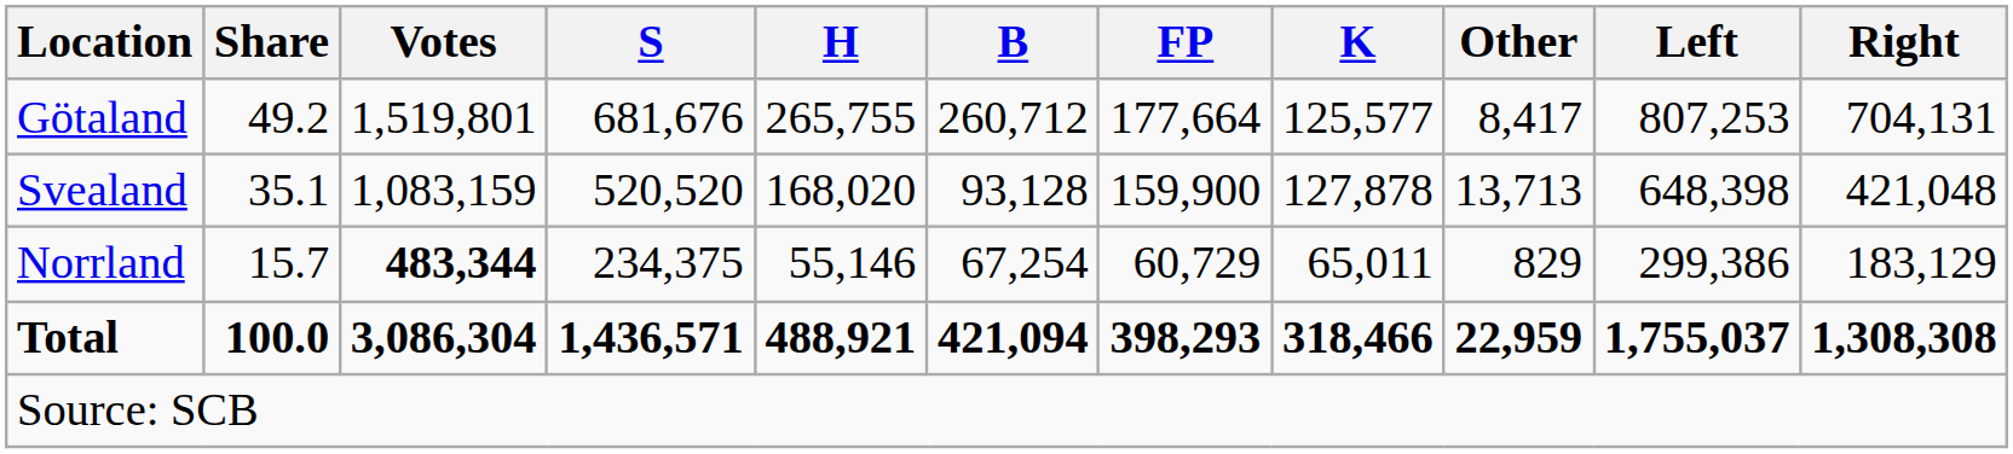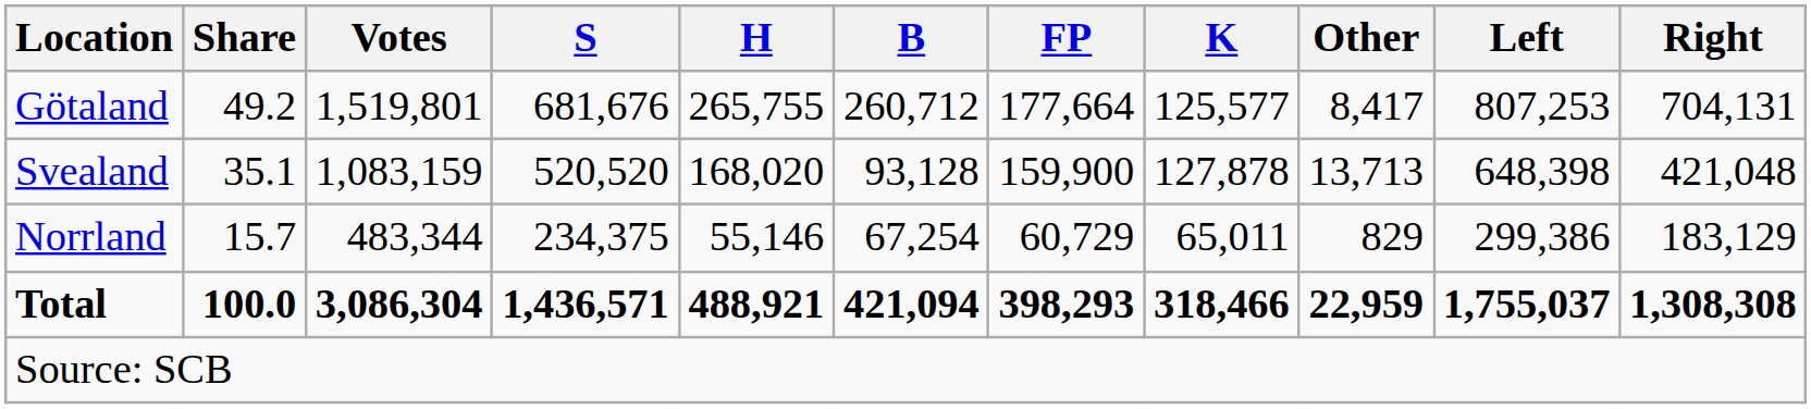 <table class="wikitable sortable" style=text-align:right>
 <tr>
 <th>Location</th>
 <th>Share</th>
 <th>Votes</th>
 <th><a href='#'>S</a></th>
 <th><a href='#'>H</a></th>
 <th><a href='#'>B</a></th>
 <th><a href='#'>FP</a></th>
 <th><a href='#'>K</a></th>
 <th>Other</th>
 <th>Left</th>
 <th>Right</th>
 </tr>
 <tr>
 <td align=left><a href='#'>Götaland</a></td>
 <td>49.2</td>
 <td>1,519,801</td>
 <td>681,676</td>
 <td>265,755</td>
 <td>260,712</td>
 <td>177,664</td>
 <td>125,577</td>
 <td>8,417</td>
 <td>807,253</td>
 <td>704,131</td>
 </tr>
 <tr>
 <td align=left><a href='#'>Svealand</a></td>
 <td>35.1</td>
 <td>1,083,159</td>
 <td>520,520</td>
 <td>168,020</td>
 <td>93,128</td>
 <td>159,900</td>
 <td>127,878</td>
 <td>13,713</td>
 <td>648,398</td>
 <td>421,048</td>
 </tr>
 <tr>
 <td align=left><a href='#'>Norrland</a></td>
 <td>15.7</td>
-<td><strong>483,344</strong></td>
+<td>483,344</td>
 <td>234,375</td>
 <td>55,146</td>
 <td>67,254</td>
 <td>60,729</td>
 <td>65,011</td>
 <td>829</td>
 <td>299,386</td>
 <td>183,129</td>
 </tr>
 <tr>
 <td align=left><strong>Total</strong></td>
 <td><strong>100.0</strong></td>
 <td><strong>3,086,304</strong></td>
 <td><strong>1,436,571</strong></td>
 <td><strong>488,921</strong></td>
 <td><strong>421,094</strong></td>
 <td><strong>398,293</strong></td>
 <td><strong>318,466</strong></td>
 <td><strong>22,959</strong></td>
 <td><strong>1,755,037</strong></td>
 <td><strong>1,308,308</strong></td>
 </tr>
 <tr>
 <td align=left colspan=11>Source: SCB </td>
 </tr>
 </table>
